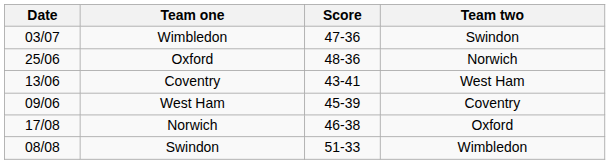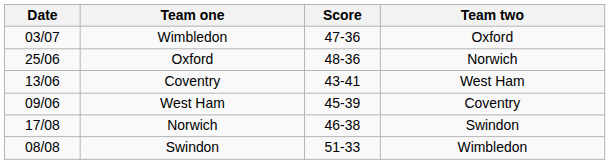 <table class="wikitable" style="text-align: center">
 <tr>
 <th width=80>Date</th>
 <th width=250>Team one</th>
 <th width=80>Score</th>
 <th width=250>Team two</th>
 </tr>
 <tr>
 <td>03/07</td>
 <td>Wimbledon</td>
 <td>47-36</td>
-<td>Swindon</td>
+<td>Oxford</td>
 </tr>
 <tr>
 <td>25/06</td>
 <td>Oxford</td>
 <td>48-36</td>
 <td>Norwich</td>
 </tr>
 <tr>
 <td>13/06</td>
 <td>Coventry</td>
 <td>43-41</td>
 <td>West Ham</td>
 </tr>
 <tr>
 <td>09/06</td>
 <td>West Ham</td>
 <td>45-39</td>
 <td>Coventry</td>
 </tr>
 <tr>
 <td>17/08</td>
 <td>Norwich</td>
 <td>46-38</td>
-<td>Oxford</td>
+<td>Swindon</td>
 </tr>
 <tr>
 <td>08/08</td>
 <td>Swindon</td>
 <td>51-33</td>
 <td>Wimbledon</td>
 </tr>
 </table>
